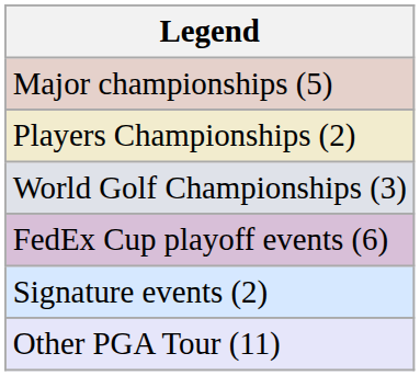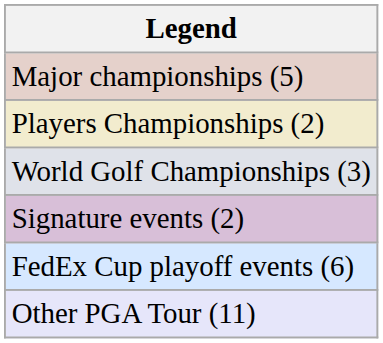 <table class="wikitable" style="font-size:95%;">
 <tr>
 <th>Legend</th>
 </tr>
 <tr style="background:#e5d1cb;">
 <td>Major championships (5)</td>
 </tr>
 <tr style="background:#f2ecce;">
 <td>Players Championships (2)</td>
 </tr>
 <tr style="background:#dfe2e9">
 <td>World Golf Championships (3)</td>
 </tr>
 <tr style="background:thistle;">
-<td>FedEx Cup playoff events (6)</td>
+<td>Signature events (2)</td>
 </tr>
 <tr style="background:#D6E8FF;">
-<td>Signature events (2)</td>
+<td>FedEx Cup playoff events (6)</td>
 </tr>
 <tr>
 <td style="background: lavender;">Other PGA Tour (11)</td>
 </tr>
 </table>
